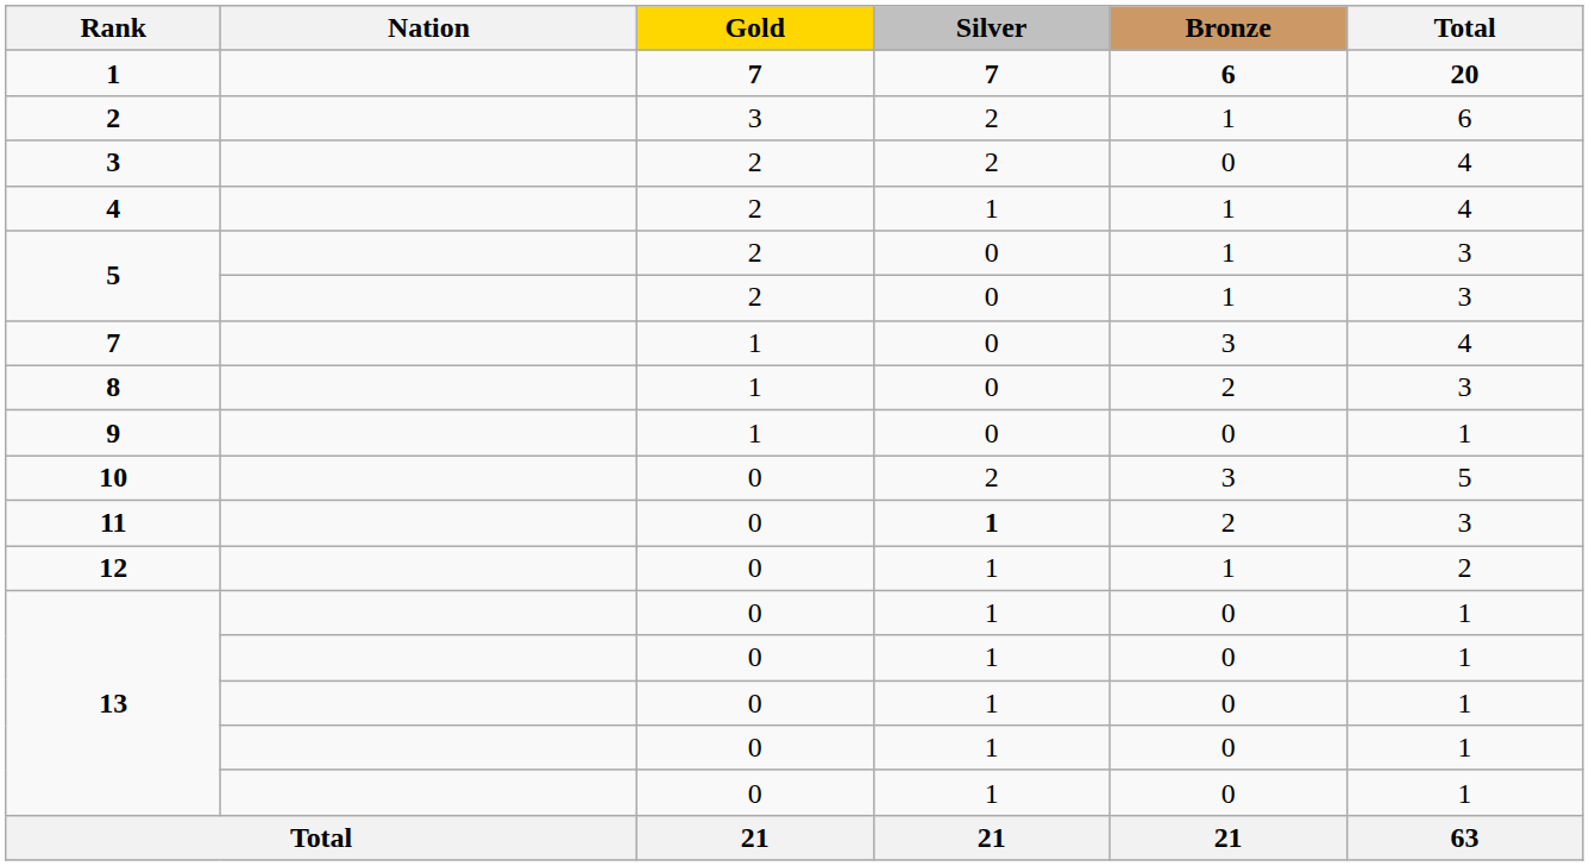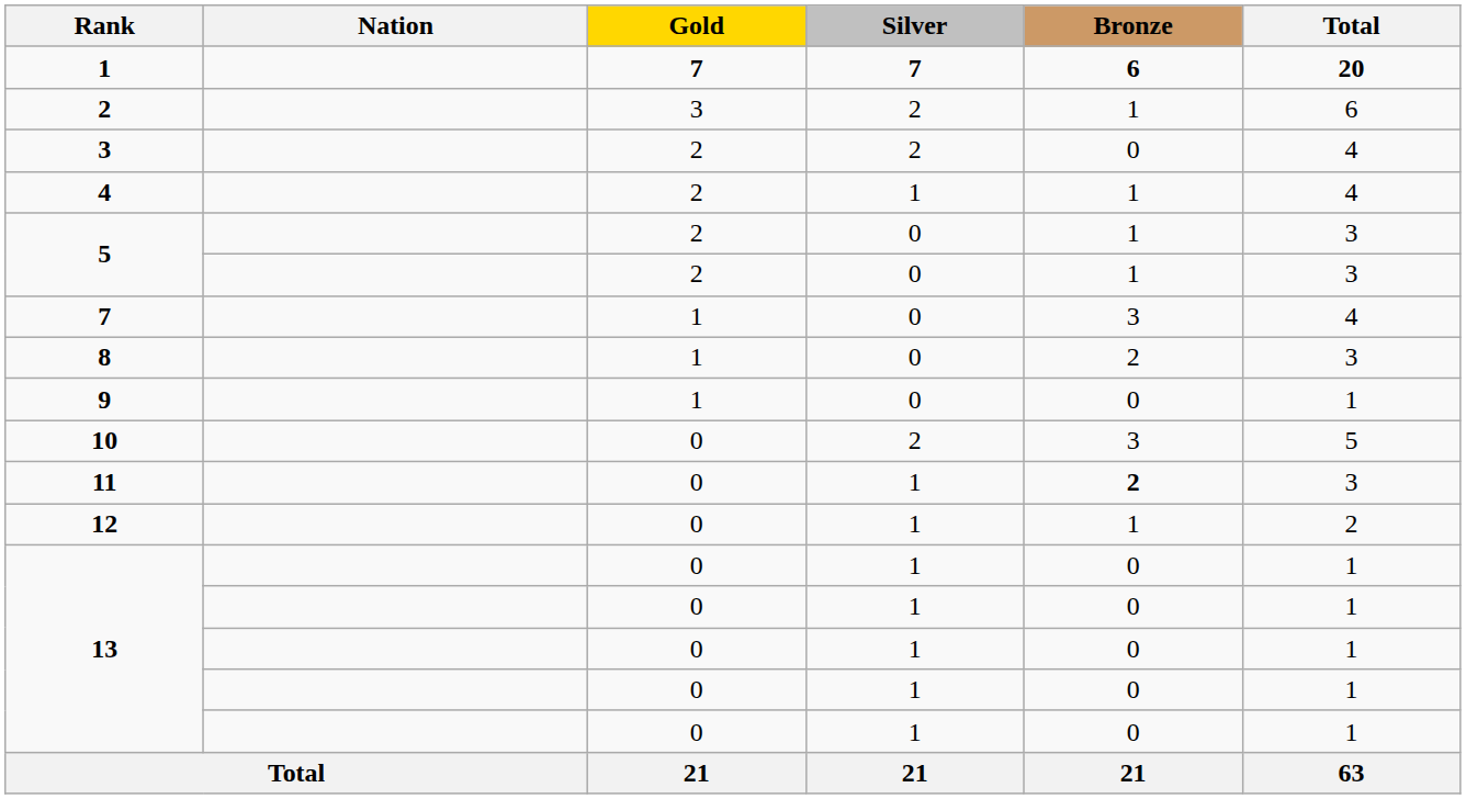 <table class="wikitable collapsible autocollapse plainrowheaders" width=70.5% style="text-align:center;">
 <tr style="background-color:#EDEDED;">
 <th width=100px class="hintergrundfarbe5">Rank</th>
 <th width=200px class="hintergrundfarbe6">Nation</th>
 <th style="background:    gold; width:15%">Gold</th>
 <th style="background:  silver; width:15%">Silver</th>
 <th style="background: #CC9966; width:15%">Bronze</th>
 <th class="hintergrundfarbe6" style="width:15%">Total</th>
 </tr>
 <tr>
 <td><strong>1</strong></td>
 <td align=left></td>
 <td><strong>7</strong></td>
 <td><strong>7</strong></td>
 <td><strong>6</strong></td>
 <td><strong>20</strong></td>
 </tr>
 <tr>
 <td><strong>2</strong></td>
 <td align=left></td>
 <td>3</td>
 <td>2</td>
 <td>1</td>
 <td>6</td>
 </tr>
 <tr>
 <td><strong>3</strong></td>
 <td align=left><em></em></td>
 <td>2</td>
 <td>2</td>
 <td>0</td>
 <td>4</td>
 </tr>
 <tr>
 <td><strong>4</strong></td>
 <td align=left></td>
 <td>2</td>
 <td>1</td>
 <td>1</td>
 <td>4</td>
 </tr>
 <tr>
 <td rowspan=2><strong>5</strong></td>
 <td align=left></td>
 <td>2</td>
 <td>0</td>
 <td>1</td>
 <td>3</td>
 </tr>
 <tr>
 <td align=left></td>
 <td>2</td>
 <td>0</td>
 <td>1</td>
 <td>3</td>
 </tr>
 <tr>
 <td><strong>7</strong></td>
 <td align=left></td>
 <td>1</td>
 <td>0</td>
 <td>3</td>
 <td>4</td>
 </tr>
 <tr>
 <td><strong>8</strong></td>
 <td align=left></td>
 <td>1</td>
 <td>0</td>
 <td>2</td>
 <td>3</td>
 </tr>
 <tr>
 <td><strong>9</strong></td>
 <td align=left></td>
 <td>1</td>
 <td>0</td>
 <td>0</td>
 <td>1</td>
 </tr>
 <tr>
 <td><strong>10</strong></td>
 <td align=left></td>
 <td>0</td>
 <td>2</td>
 <td>3</td>
 <td>5</td>
 </tr>
 <tr>
 <td><strong>11</strong></td>
 <td align=left></td>
 <td>0</td>
-<td><strong>1</strong></td>
-<td>2</td>
+<td>1</td>
+<td><strong>2</strong></td>
 <td>3</td>
 </tr>
 <tr>
 <td><strong>12</strong></td>
 <td align=left></td>
 <td>0</td>
 <td>1</td>
 <td>1</td>
 <td>2</td>
 </tr>
 <tr>
 <td rowspan=5><strong>13</strong></td>
 <td align=left></td>
 <td>0</td>
 <td>1</td>
 <td>0</td>
 <td>1</td>
 </tr>
 <tr>
 <td align=left></td>
 <td>0</td>
 <td>1</td>
 <td>0</td>
 <td>1</td>
 </tr>
 <tr>
 <td align=left></td>
 <td>0</td>
 <td>1</td>
 <td>0</td>
 <td>1</td>
 </tr>
 <tr>
 <td align=left></td>
 <td>0</td>
 <td>1</td>
 <td>0</td>
 <td>1</td>
 </tr>
 <tr>
 <td align=left></td>
 <td>0</td>
 <td>1</td>
 <td>0</td>
 <td>1</td>
 </tr>
 <tr>
 <th colspan=2>Total</th>
 <th>21</th>
 <th>21</th>
 <th>21</th>
 <th>63</th>
 </tr>
 </table>
